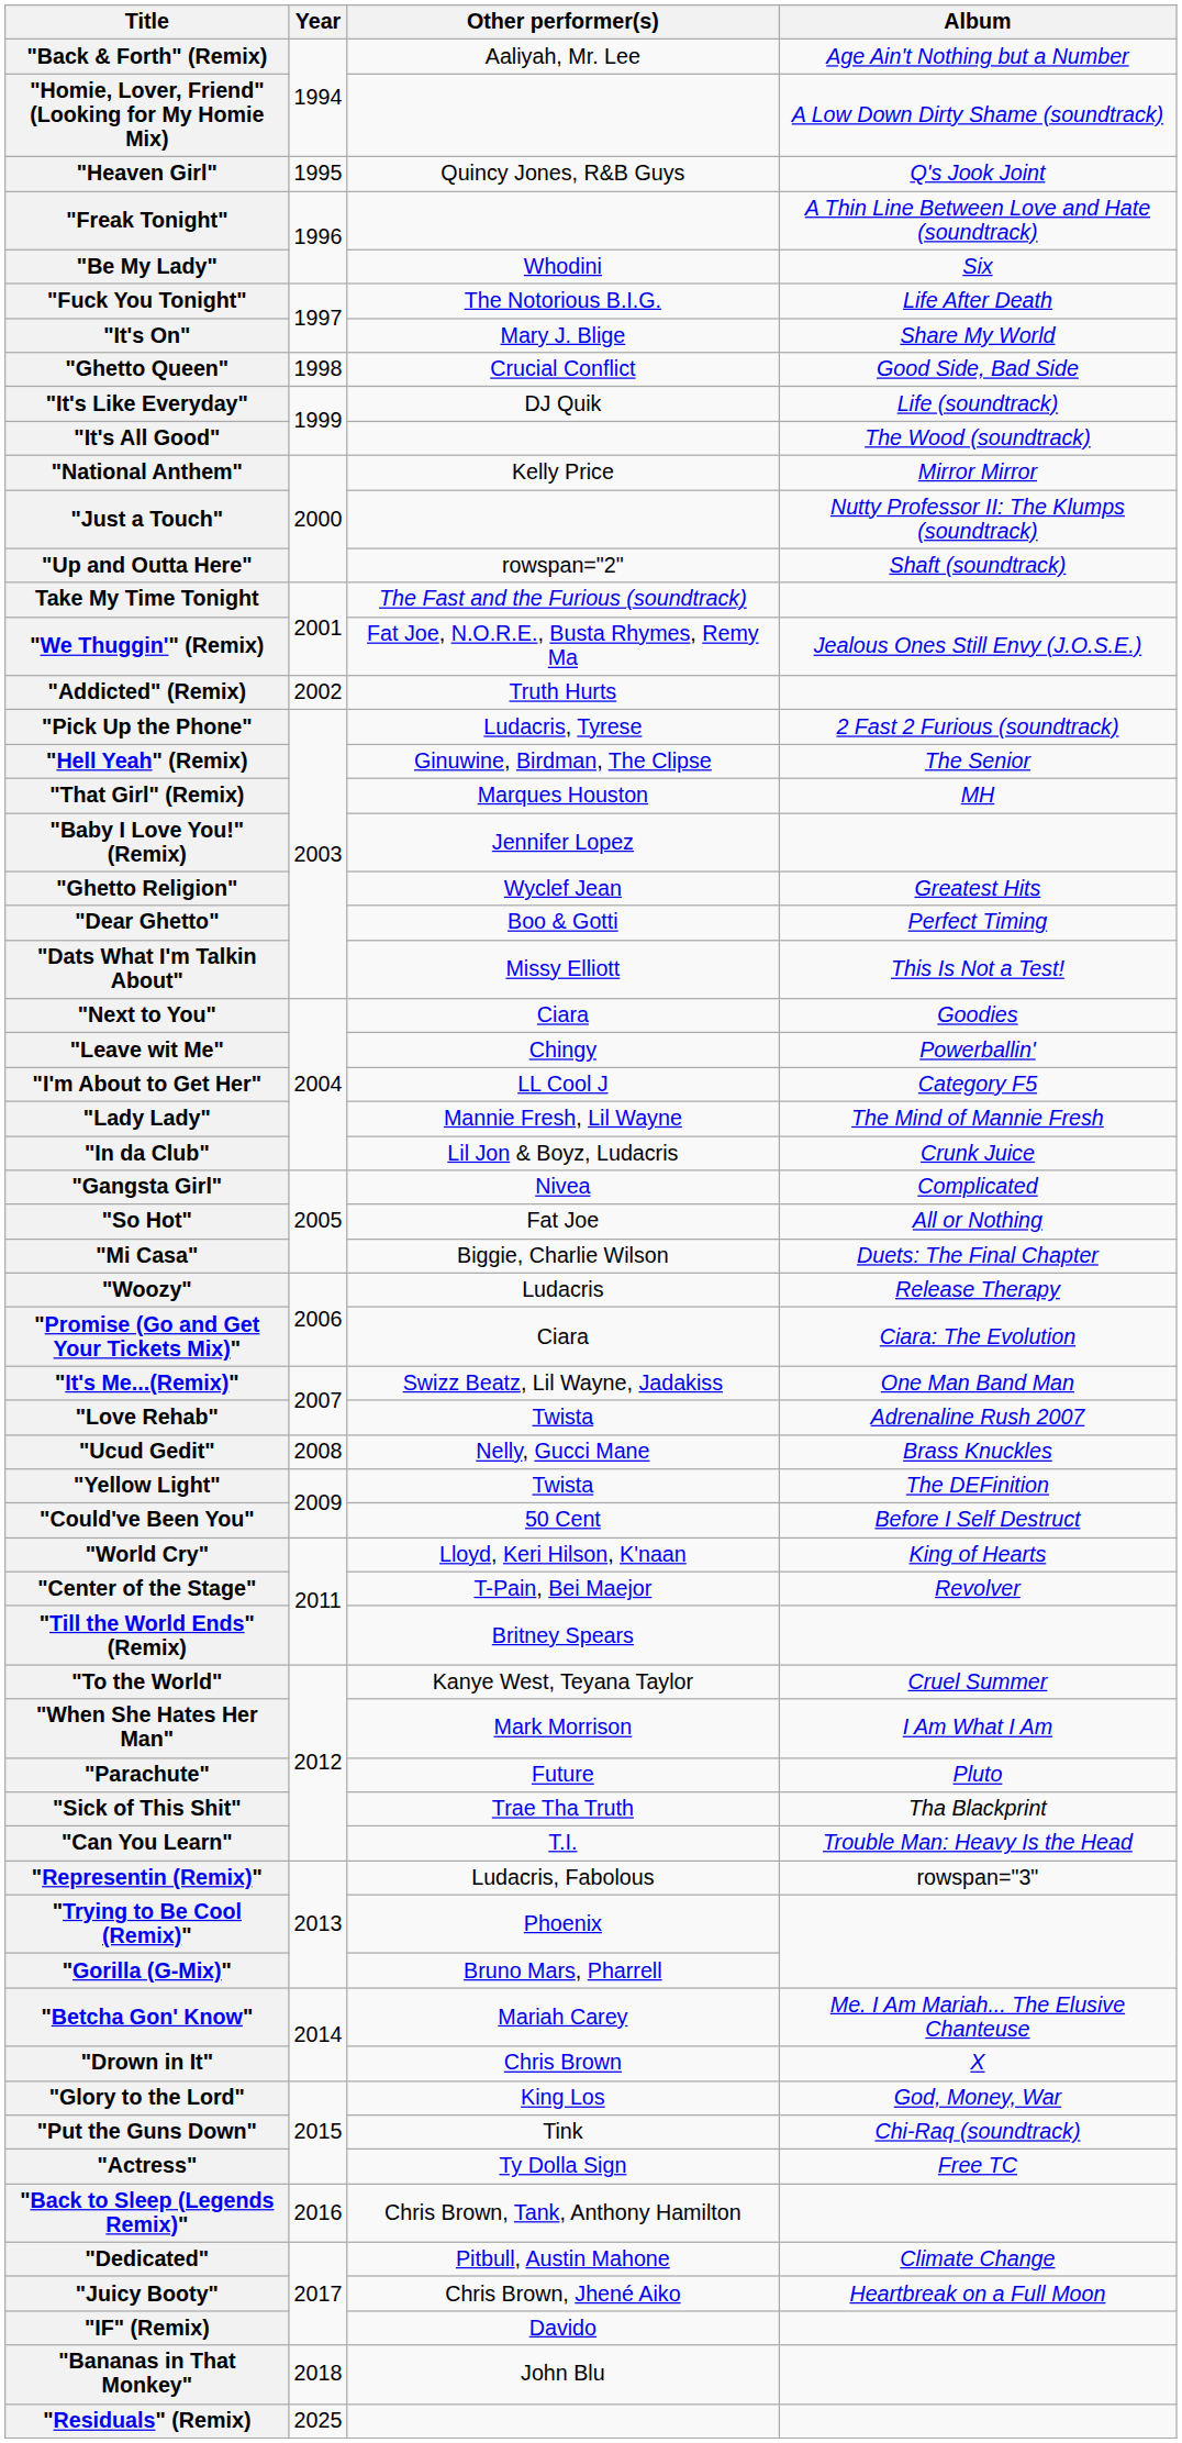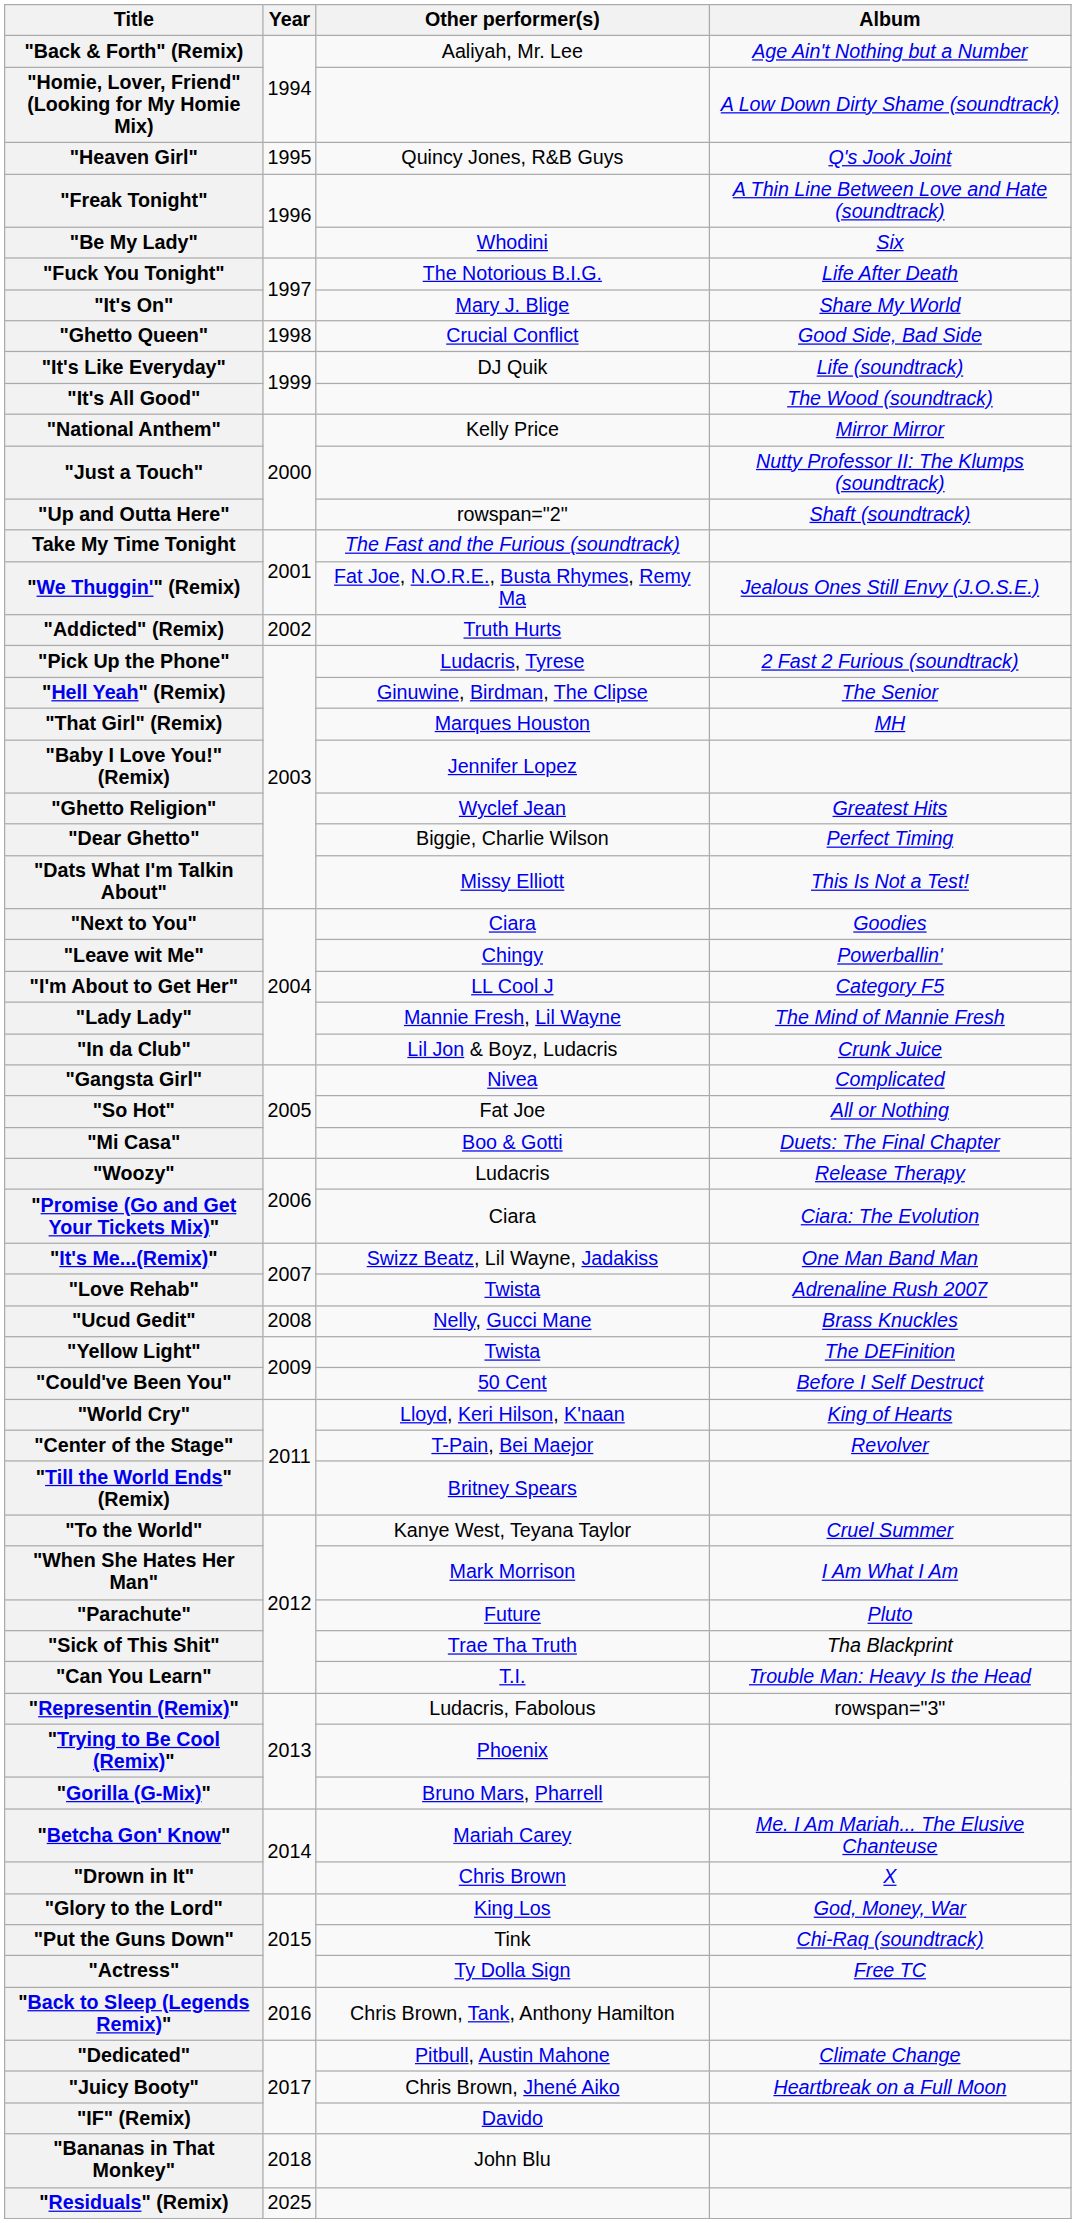 <table class="wikitable plainrowheaders" style="text-align:center;">
 <tr>
 <th scope="col" style="width:20em;">Title</th>
 <th scope="col">Year</th>
 <th scope="col" style="width:35em;">Other performer(s)</th>
 <th scope="col" style="width:32em;">Album</th>
 </tr>
 <tr>
 <th scope="row">"Back & Forth" (Remix)</th>
 <td rowspan="2">1994</td>
 <td>Aaliyah, Mr. Lee</td>
 <td><em><a href='#'>Age Ain't Nothing but a Number</a></em></td>
 </tr>
 <tr>
 <th scope="row">"Homie, Lover, Friend" (Looking for My Homie Mix)</th>
 <td></td>
 <td><em><a href='#'>A Low Down Dirty Shame (soundtrack)</a></em></td>
 </tr>
 <tr>
 <th scope="row">"Heaven Girl"</th>
 <td>1995</td>
 <td>Quincy Jones, R&B Guys</td>
 <td><em><a href='#'>Q's Jook Joint</a></em></td>
 </tr>
 <tr>
 <th scope="row">"Freak Tonight"</th>
 <td rowspan="2">1996</td>
 <td></td>
 <td><em><a href='#'>A Thin Line Between Love and Hate (soundtrack)</a></em></td>
 </tr>
 <tr>
 <th scope="row">"Be My Lady"</th>
 <td><a href='#'>Whodini</a></td>
 <td><em><a href='#'>Six</a></em></td>
 </tr>
 <tr>
 <th scope="row">"Fuck You Tonight"</th>
 <td rowspan="2">1997</td>
 <td><a href='#'>The Notorious B.I.G.</a></td>
 <td><em><a href='#'>Life After Death</a></em></td>
 </tr>
 <tr>
 <th scope="row">"It's On"</th>
 <td><a href='#'>Mary J. Blige</a></td>
 <td><em><a href='#'>Share My World</a></em></td>
 </tr>
 <tr>
 <th scope="row">"Ghetto Queen"</th>
 <td>1998</td>
 <td><a href='#'>Crucial Conflict</a></td>
 <td><em><a href='#'>Good Side, Bad Side</a></em></td>
 </tr>
 <tr>
 <th scope="row">"It's Like Everyday"</th>
 <td rowspan="2">1999</td>
 <td>DJ Quik</td>
 <td><em><a href='#'>Life (soundtrack)</a></em></td>
 </tr>
 <tr>
 <th scope="row">"It's All Good"</th>
 <td></td>
 <td><em><a href='#'>The Wood (soundtrack)</a></em></td>
 </tr>
 <tr>
 <th scope="row">"National Anthem"</th>
 <td rowspan="3">2000</td>
 <td>Kelly Price</td>
 <td><em><a href='#'>Mirror Mirror</a></em></td>
 </tr>
 <tr>
 <th scope="row">"Just a Touch"</th>
 <td></td>
 <td><em><a href='#'>Nutty Professor II: The Klumps (soundtrack)</a></em></td>
 </tr>
 <tr>
 <th scope="row">"Up and Outta Here"</th>
 <td>rowspan="2" </td>
 <td><em><a href='#'>Shaft (soundtrack)</a></em></td>
 </tr>
 <tr>
 <th scope="row">Take My Time Tonight</th>
 <td rowspan="2">2001</td>
 <td><em><a href='#'>The Fast and the Furious (soundtrack)</a></em></td>
 </tr>
 <tr>
 <th scope="row">"<a href='#'>We Thuggin'</a>" (Remix)</th>
 <td><a href='#'>Fat Joe</a>, <a href='#'>N.O.R.E.</a>, <a href='#'>Busta Rhymes</a>, <a href='#'>Remy Ma</a></td>
 <td><em><a href='#'>Jealous Ones Still Envy (J.O.S.E.)</a></em></td>
 </tr>
 <tr>
 <th scope="row">"Addicted" (Remix)</th>
 <td>2002</td>
 <td><a href='#'>Truth Hurts</a></td>
 <td></td>
 </tr>
 <tr>
 <th scope="row">"Pick Up the Phone"</th>
 <td rowspan="7">2003</td>
 <td><a href='#'>Ludacris</a>, <a href='#'>Tyrese</a></td>
 <td><em><a href='#'>2 Fast 2 Furious (soundtrack)</a></em></td>
 </tr>
 <tr>
 <th scope="row">"<a href='#'>Hell Yeah</a>" (Remix)</th>
 <td><a href='#'>Ginuwine</a>, <a href='#'>Birdman</a>, <a href='#'>The Clipse</a></td>
 <td><em><a href='#'>The Senior</a></em></td>
 </tr>
 <tr>
 <th scope="row">"That Girl" (Remix)</th>
 <td><a href='#'>Marques Houston</a></td>
 <td><em><a href='#'>MH</a></em></td>
 </tr>
 <tr>
 <th scope="row">"Baby I Love You!" (Remix)</th>
 <td><a href='#'>Jennifer Lopez</a></td>
 <td></td>
 </tr>
 <tr>
 <th scope="row">"Ghetto Religion"</th>
 <td><a href='#'>Wyclef Jean</a></td>
 <td><em><a href='#'>Greatest Hits</a></em></td>
 </tr>
 <tr>
 <th scope="row">"Dear Ghetto"</th>
-<td><a href='#'>Boo & Gotti</a></td>
+<td>Biggie, Charlie Wilson</td>
 <td><em><a href='#'>Perfect Timing</a></em></td>
 </tr>
 <tr>
 <th scope="row">"Dats What I'm Talkin About"</th>
 <td><a href='#'>Missy Elliott</a></td>
 <td><em><a href='#'>This Is Not a Test!</a></em></td>
 </tr>
 <tr>
 <th scope="row">"Next to You"</th>
 <td rowspan="5">2004</td>
 <td><a href='#'>Ciara</a></td>
 <td><em><a href='#'>Goodies</a></em></td>
 </tr>
 <tr>
 <th scope="row">"Leave wit Me"</th>
 <td><a href='#'>Chingy</a></td>
 <td><em><a href='#'>Powerballin'</a></em></td>
 </tr>
 <tr>
 <th scope="row">"I'm About to Get Her"</th>
 <td><a href='#'>LL Cool J</a></td>
 <td><em><a href='#'>Category F5</a></em></td>
 </tr>
 <tr>
 <th scope="row">"Lady Lady"</th>
 <td><a href='#'>Mannie Fresh</a>, <a href='#'>Lil Wayne</a></td>
 <td><em><a href='#'>The Mind of Mannie Fresh</a></em></td>
 </tr>
 <tr>
 <th scope="row">"In da Club"</th>
 <td><a href='#'>Lil Jon</a> & Boyz, Ludacris</td>
 <td><em><a href='#'>Crunk Juice</a></em></td>
 </tr>
 <tr>
 <th scope="row">"Gangsta Girl"</th>
 <td rowspan="3">2005</td>
 <td><a href='#'>Nivea</a></td>
 <td><em><a href='#'>Complicated</a></em></td>
 </tr>
 <tr>
 <th scope="row">"So Hot"</th>
 <td>Fat Joe</td>
 <td><em><a href='#'>All or Nothing</a></em></td>
 </tr>
 <tr>
 <th scope="row">"Mi Casa"</th>
-<td>Biggie, Charlie Wilson</td>
+<td><a href='#'>Boo & Gotti</a></td>
 <td><em><a href='#'>Duets: The Final Chapter</a></em></td>
 </tr>
 <tr>
 <th scope="row">"Woozy"</th>
 <td rowspan="2">2006</td>
 <td>Ludacris</td>
 <td><em><a href='#'>Release Therapy</a></em></td>
 </tr>
 <tr>
 <th scope="row">"<a href='#'>Promise (Go and Get Your Tickets Mix)</a>"</th>
 <td>Ciara</td>
 <td><em><a href='#'>Ciara: The Evolution</a></em></td>
 </tr>
 <tr>
 <th scope="row">"<a href='#'>It's Me...(Remix)</a>"</th>
 <td rowspan="2">2007</td>
 <td><a href='#'>Swizz Beatz</a>, Lil Wayne, <a href='#'>Jadakiss</a></td>
 <td><em><a href='#'>One Man Band Man</a></em></td>
 </tr>
 <tr>
 <th scope="row">"Love Rehab"</th>
 <td><a href='#'>Twista</a></td>
 <td><em><a href='#'>Adrenaline Rush 2007</a></em></td>
 </tr>
 <tr>
 <th scope="row">"Ucud Gedit"</th>
 <td>2008</td>
 <td><a href='#'>Nelly</a>, <a href='#'>Gucci Mane</a></td>
 <td><em><a href='#'>Brass Knuckles</a></em></td>
 </tr>
 <tr>
 <th scope="row">"Yellow Light"</th>
 <td rowspan="2">2009</td>
 <td><a href='#'>Twista</a></td>
 <td><em><a href='#'>The DEFinition</a></em></td>
 </tr>
 <tr>
 <th scope="row">"Could've Been You"</th>
 <td><a href='#'>50 Cent</a></td>
 <td><em><a href='#'>Before I Self Destruct</a></em></td>
 </tr>
 <tr>
 <th scope="row">"World Cry"</th>
 <td rowspan="3">2011</td>
 <td><a href='#'>Lloyd</a>, <a href='#'>Keri Hilson</a>, <a href='#'>K'naan</a></td>
 <td><em><a href='#'>King of Hearts</a></em></td>
 </tr>
 <tr>
 <th scope="row">"Center of the Stage"</th>
 <td><a href='#'>T-Pain</a>, <a href='#'>Bei Maejor</a></td>
 <td><em><a href='#'>Revolver</a></em></td>
 </tr>
 <tr>
 <th scope="row">"<a href='#'>Till the World Ends</a>" (Remix)</th>
 <td><a href='#'>Britney Spears</a></td>
 <td></td>
 </tr>
 <tr>
 <th scope="row">"To the World"</th>
 <td rowspan="5">2012</td>
 <td>Kanye West, Teyana Taylor</td>
 <td><em><a href='#'>Cruel Summer</a></em></td>
 </tr>
 <tr>
 <th scope="row">"When She Hates Her Man"</th>
 <td><a href='#'>Mark Morrison</a></td>
 <td><em><a href='#'>I Am What I Am</a></em></td>
 </tr>
 <tr>
 <th scope="row">"Parachute"</th>
 <td><a href='#'>Future</a></td>
 <td><em><a href='#'>Pluto</a></em></td>
 </tr>
 <tr>
 <th scope="row">"Sick of This Shit"</th>
 <td><a href='#'>Trae Tha Truth</a></td>
 <td><em>Tha Blackprint</em></td>
 </tr>
 <tr>
 <th scope="row">"Can You Learn"</th>
 <td><a href='#'>T.I.</a></td>
 <td><em><a href='#'>Trouble Man: Heavy Is the Head</a></em></td>
 </tr>
 <tr>
 <th scope="row">"<a href='#'>Representin (Remix)</a>"</th>
 <td rowspan="3">2013</td>
 <td>Ludacris, Fabolous</td>
 <td>rowspan="3" </td>
 </tr>
 <tr>
 <th scope="row">"<a href='#'>Trying to Be Cool (Remix)</a>"</th>
 <td><a href='#'>Phoenix</a></td>
 </tr>
 <tr>
 <th scope="row">"<a href='#'>Gorilla (G-Mix)</a>"</th>
 <td><a href='#'>Bruno Mars</a>, <a href='#'>Pharrell</a></td>
 </tr>
 <tr>
 <th scope="row">"<a href='#'>Betcha Gon' Know</a>"</th>
 <td rowspan="2">2014</td>
 <td><a href='#'>Mariah Carey</a></td>
 <td><em><a href='#'>Me. I Am Mariah... The Elusive Chanteuse</a></em></td>
 </tr>
 <tr>
 <th scope="row">"Drown in It"</th>
 <td><a href='#'>Chris Brown</a></td>
 <td><em><a href='#'>X</a></em></td>
 </tr>
 <tr>
 <th scope="row">"Glory to the Lord"</th>
 <td rowspan="3">2015</td>
 <td><a href='#'>King Los</a></td>
 <td><em><a href='#'>God, Money, War</a></em></td>
 </tr>
 <tr>
 <th scope="row">"Put the Guns Down"</th>
 <td>Tink</td>
 <td><em><a href='#'>Chi-Raq (soundtrack)</a></em></td>
 </tr>
 <tr>
 <th scope="row">"Actress"</th>
 <td><a href='#'>Ty Dolla Sign</a></td>
 <td><em><a href='#'>Free TC</a></em></td>
 </tr>
 <tr>
 <th scope="row">"<a href='#'>Back to Sleep (Legends Remix)</a>"</th>
 <td>2016</td>
 <td>Chris Brown, <a href='#'>Tank</a>, Anthony Hamilton</td>
 <td></td>
 </tr>
 <tr>
 <th scope="row">"Dedicated"</th>
 <td rowspan="3">2017</td>
 <td><a href='#'>Pitbull</a>, <a href='#'>Austin Mahone</a></td>
 <td><em><a href='#'>Climate Change</a></em></td>
 </tr>
 <tr>
 <th scope="row">"Juicy Booty"</th>
 <td>Chris Brown, <a href='#'>Jhené Aiko</a></td>
 <td><em><a href='#'>Heartbreak on a Full Moon</a></em></td>
 </tr>
 <tr>
 <th scope="row">"IF" (Remix)</th>
 <td><a href='#'>Davido</a></td>
 <td></td>
 </tr>
 <tr>
 <th scope="row">"Bananas in That Monkey"</th>
 <td>2018</td>
 <td>John Blu</td>
 <td></td>
 </tr>
 <tr>
 <th scope="row">"<a href='#'>Residuals</a>" (Remix)</th>
 <td>2025</td>
 <td></td>
 <td></td>
 </tr>
 </table>
